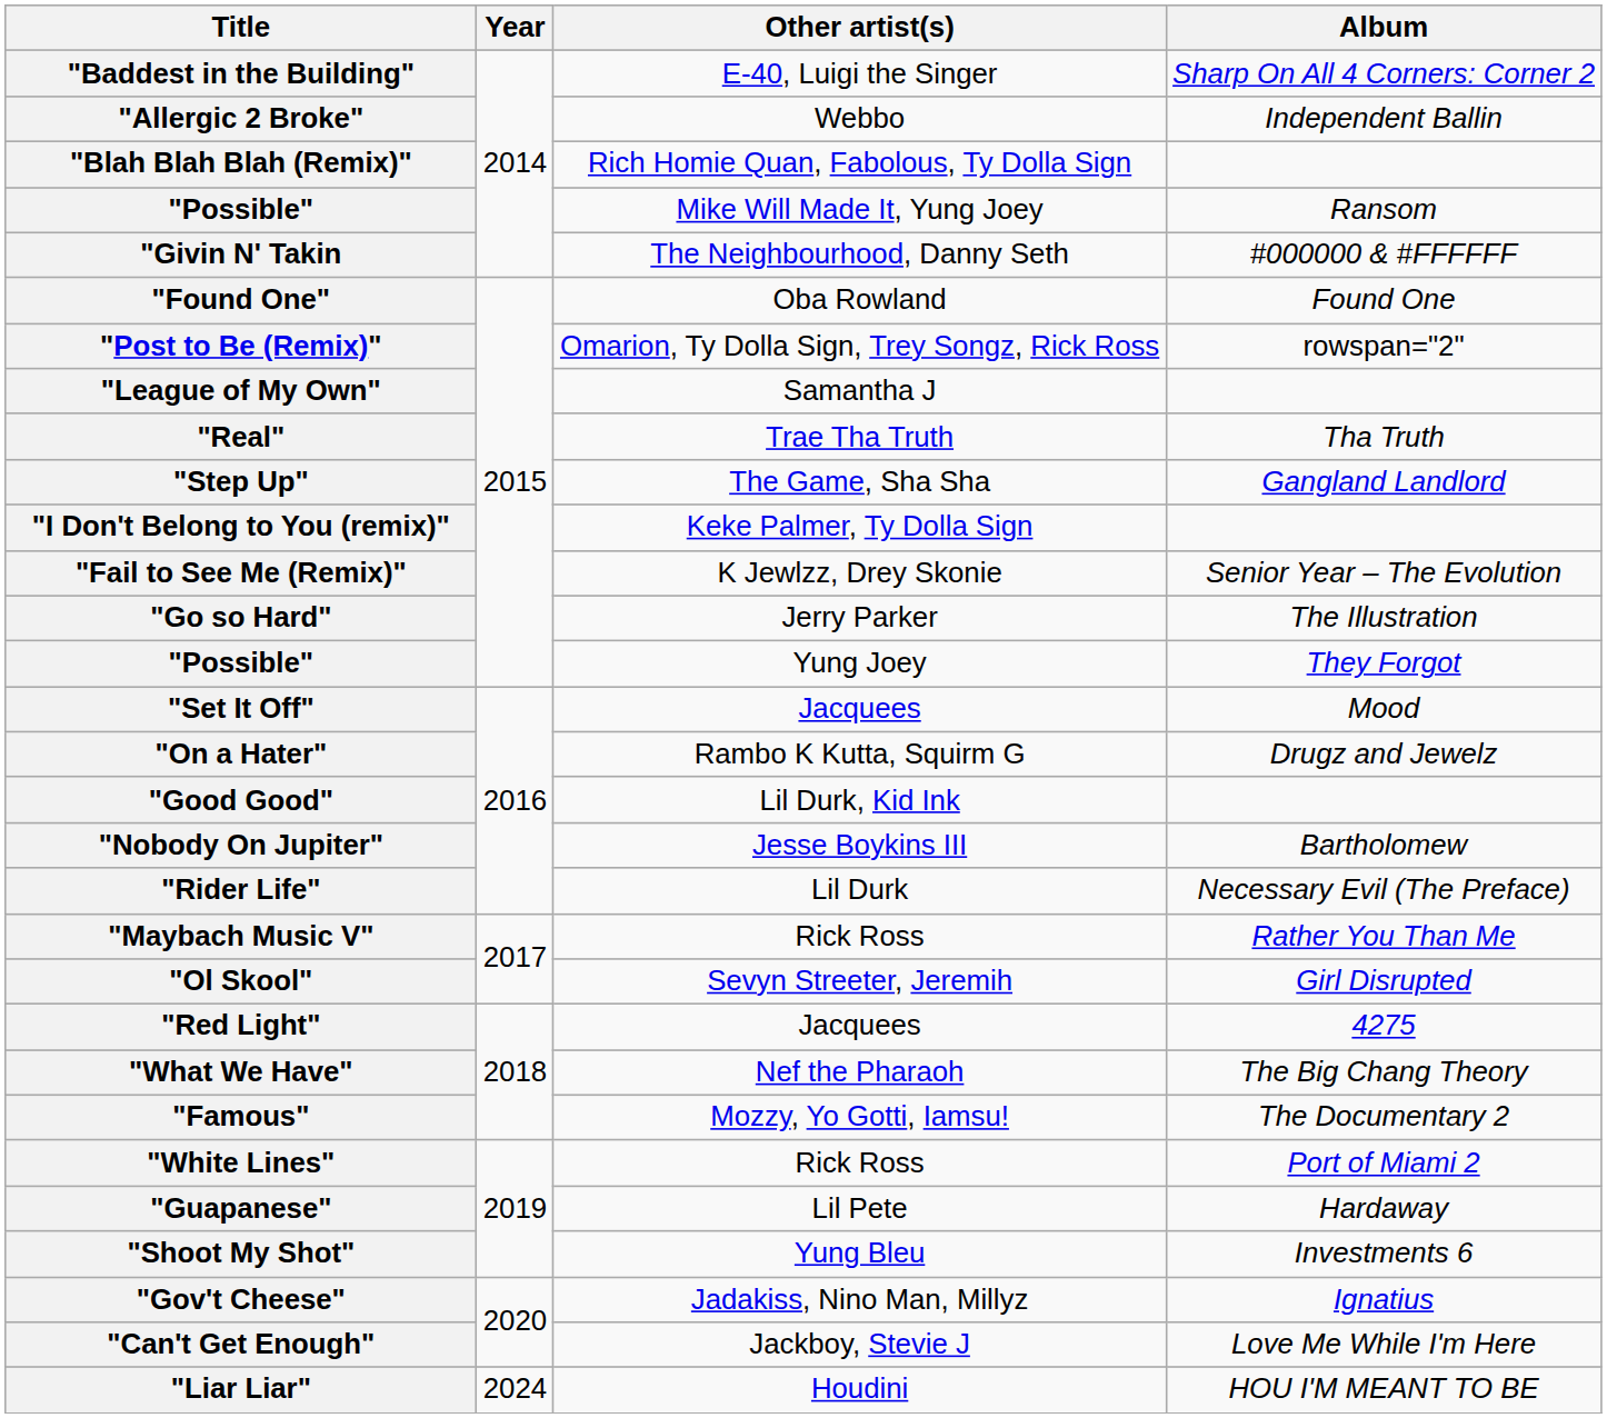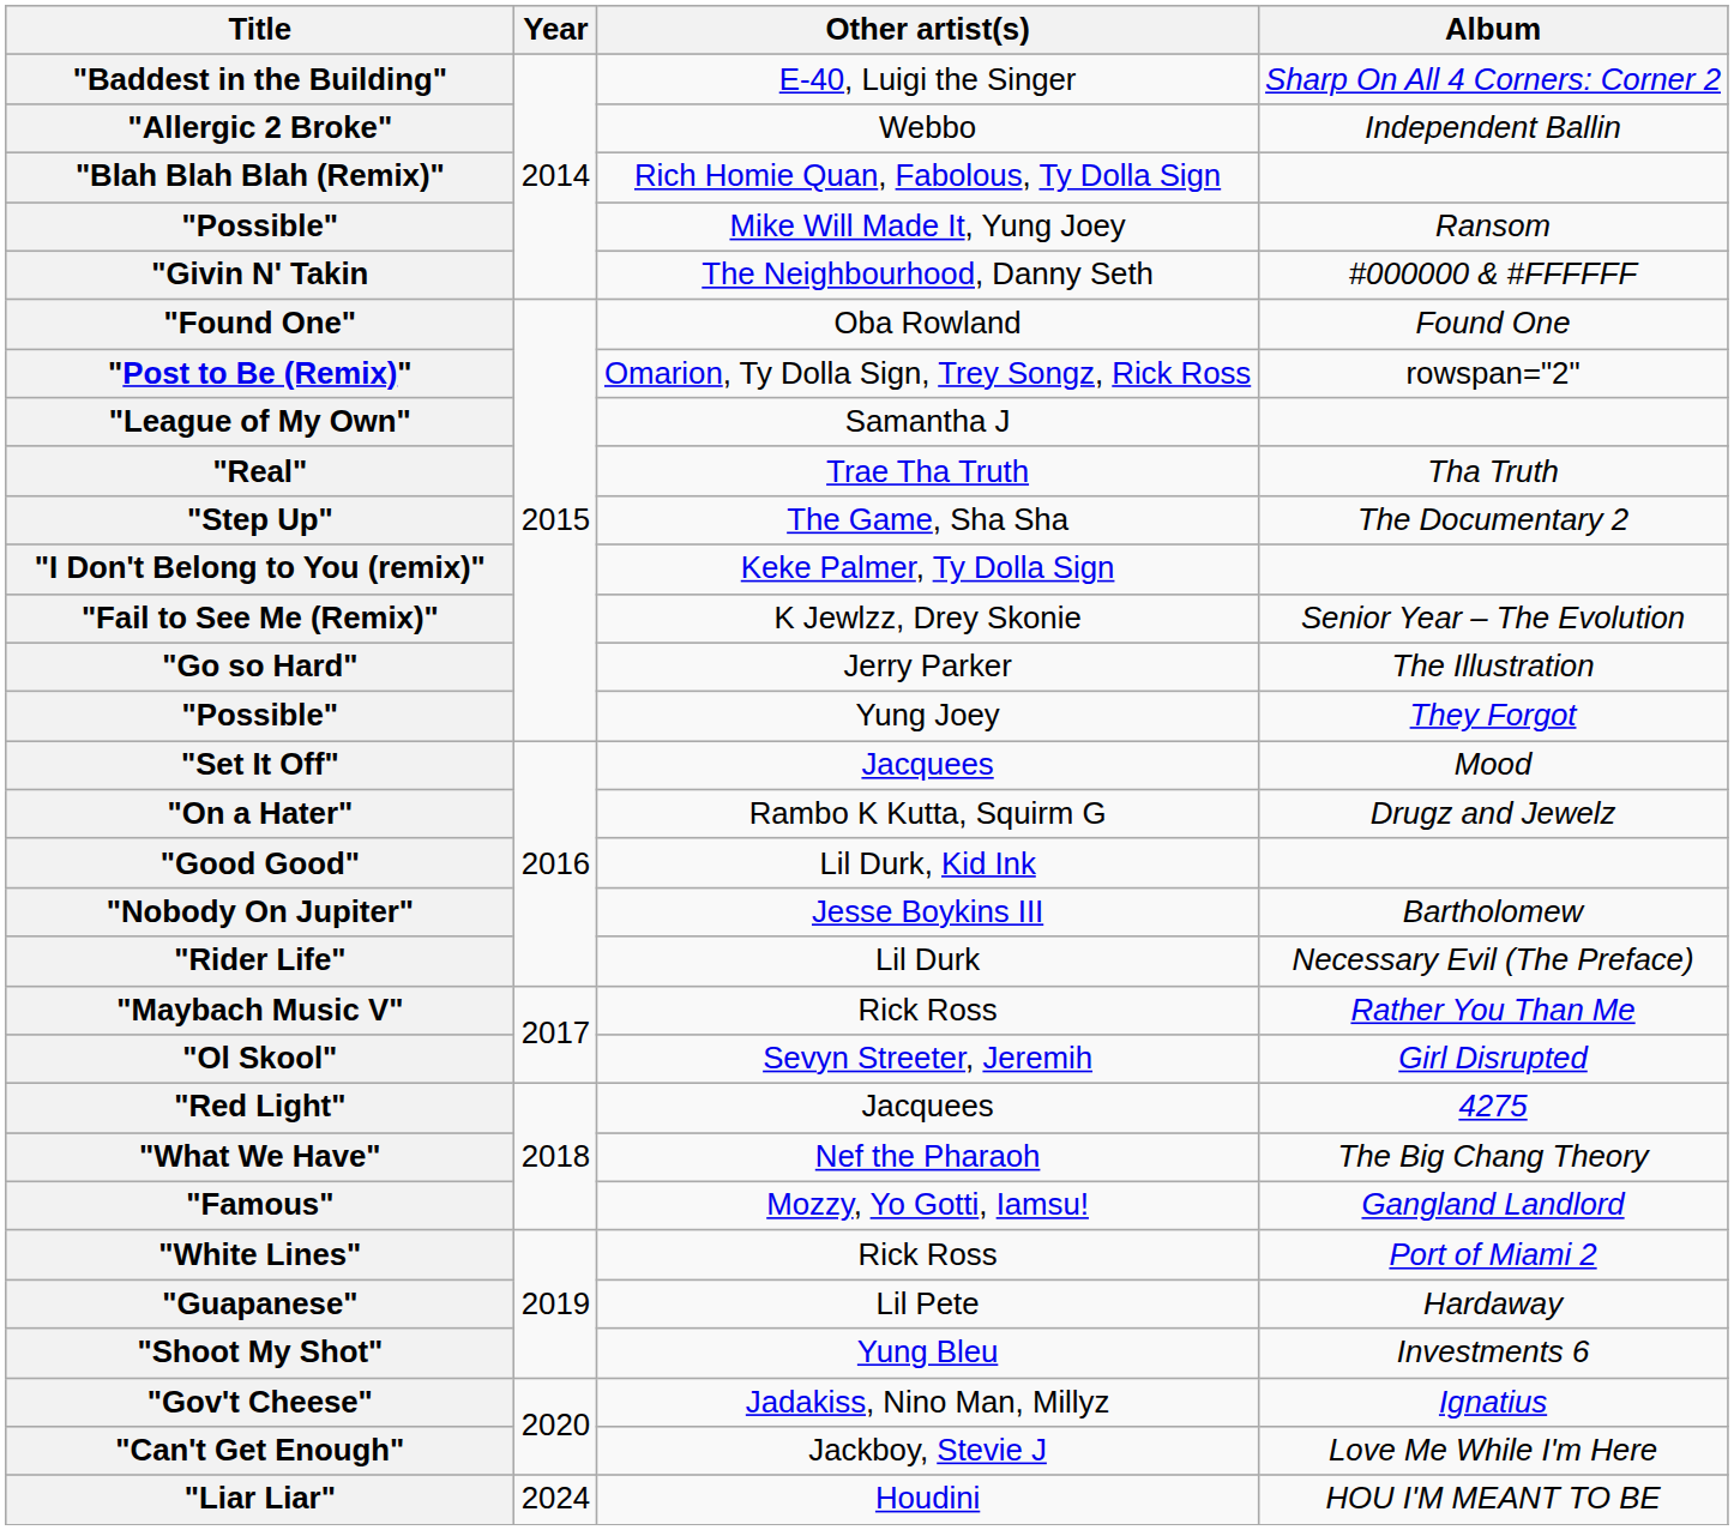 <table class="wikitable plainrowheaders" style="text-align:center;">
 <tr>
 <th scope="col" style="width:16em;">Title</th>
 <th scope="col">Year</th>
 <th scope="col">Other artist(s)</th>
 <th scope="col">Album</th>
 </tr>
 <tr>
 <th scope="row">"Baddest in the Building"</th>
 <td rowspan="5">2014</td>
 <td><a href='#'>E-40</a>, Luigi the Singer</td>
 <td><em><a href='#'>Sharp On All 4 Corners: Corner 2</a></em></td>
 </tr>
 <tr>
 <th scope="row">"Allergic 2 Broke"</th>
 <td>Webbo</td>
 <td><em>Independent Ballin</em></td>
 </tr>
 <tr>
 <th scope="row">"Blah Blah Blah (Remix)"</th>
 <td><a href='#'>Rich Homie Quan</a>, <a href='#'>Fabolous</a>, <a href='#'>Ty Dolla Sign</a></td>
 <td></td>
 </tr>
 <tr>
 <th scope="row">"Possible"</th>
 <td><a href='#'>Mike Will Made It</a>, Yung Joey</td>
 <td><em> Ransom</em></td>
 </tr>
 <tr>
 <th scope="row">"Givin N' Takin</th>
 <td><a href='#'>The Neighbourhood</a>, Danny Seth</td>
 <td><em>#000000 & #FFFFFF</em></td>
 </tr>
 <tr>
 <th scope="row">"Found One"</th>
 <td rowspan="9">2015</td>
 <td>Oba Rowland</td>
 <td><em>Found One</em></td>
 </tr>
 <tr>
 <th scope="row">"<a href='#'>Post to Be (Remix)</a>"</th>
 <td><a href='#'>Omarion</a>, Ty Dolla Sign, <a href='#'>Trey Songz</a>, <a href='#'>Rick Ross</a></td>
 <td>rowspan="2" </td>
 </tr>
 <tr>
 <th scope="row">"League of My Own"</th>
 <td>Samantha J</td>
 </tr>
 <tr>
 <th scope="row">"Real"</th>
 <td><a href='#'>Trae Tha Truth</a></td>
 <td><em>Tha Truth</em></td>
 </tr>
 <tr>
 <th scope="row">"Step Up"</th>
 <td><a href='#'>The Game</a>, Sha Sha</td>
-<td><em><a href='#'>Gangland Landlord</a></em></td>
+<td><em>The Documentary 2</em></td>
 </tr>
 <tr>
 <th scope="row">"I Don't Belong to You (remix)"</th>
 <td><a href='#'>Keke Palmer</a>, <a href='#'>Ty Dolla Sign</a></td>
 <td></td>
 </tr>
 <tr>
 <th scope="row">"Fail to See Me (Remix)"</th>
 <td>K Jewlzz, Drey Skonie</td>
 <td><em>Senior Year – The Evolution</em></td>
 </tr>
 <tr>
 <th scope="row">"Go so Hard"</th>
 <td>Jerry Parker</td>
 <td><em>The Illustration</em></td>
 </tr>
 <tr>
 <th scope="row">"Possible"</th>
 <td>Yung Joey</td>
 <td><em><a href='#'>They Forgot</a></em></td>
 </tr>
 <tr>
 <th scope="row">"Set It Off"</th>
 <td rowspan="5">2016</td>
 <td><a href='#'>Jacquees</a></td>
 <td><em>Mood</em></td>
 </tr>
 <tr>
 <th scope="row">"On a Hater"</th>
 <td>Rambo K Kutta, Squirm G</td>
 <td><em> Drugz and Jewelz</em></td>
 </tr>
 <tr>
 <th scope="row">"Good Good"</th>
 <td>Lil Durk, <a href='#'>Kid Ink</a></td>
 <td></td>
 </tr>
 <tr>
 <th scope="row">"Nobody On Jupiter"</th>
 <td><a href='#'>Jesse Boykins III</a></td>
 <td><em>Bartholomew</em></td>
 </tr>
 <tr>
 <th scope="row">"Rider Life"</th>
 <td>Lil Durk</td>
 <td><em>Necessary Evil (The Preface)</em></td>
 </tr>
 <tr>
 <th scope="row">"Maybach Music V"</th>
 <td rowspan="2">2017</td>
 <td>Rick Ross</td>
 <td><em><a href='#'>Rather You Than Me</a></em></td>
 </tr>
 <tr>
 <th scope="row">"Ol Skool"</th>
 <td><a href='#'>Sevyn Streeter</a>, <a href='#'>Jeremih</a></td>
 <td><em><a href='#'>Girl Disrupted</a></em></td>
 </tr>
 <tr>
 <th scope="row">"Red Light"</th>
 <td rowspan="3">2018</td>
 <td>Jacquees</td>
 <td><em><a href='#'>4275</a></em></td>
 </tr>
 <tr>
 <th scope="row">"What We Have"</th>
 <td><a href='#'>Nef the Pharaoh</a></td>
 <td><em>The Big Chang Theory</em></td>
 </tr>
 <tr>
 <th scope="row">"Famous"</th>
 <td><a href='#'>Mozzy</a>, <a href='#'>Yo Gotti</a>, <a href='#'>Iamsu!</a></td>
-<td><em>The Documentary 2</em></td>
+<td><em><a href='#'>Gangland Landlord</a></em></td>
 </tr>
 <tr>
 <th scope="row">"White Lines"</th>
 <td rowspan="3">2019</td>
 <td>Rick Ross</td>
 <td><em><a href='#'>Port of Miami 2</a></em></td>
 </tr>
 <tr>
 <th scope="row">"Guapanese"</th>
 <td>Lil Pete</td>
 <td><em>Hardaway</em></td>
 </tr>
 <tr>
 <th scope="row">"Shoot My Shot"</th>
 <td><a href='#'>Yung Bleu</a></td>
 <td><em>Investments 6</em></td>
 </tr>
 <tr>
 <th scope="row">"Gov't Cheese"</th>
 <td rowspan="2">2020</td>
 <td><a href='#'>Jadakiss</a>, Nino Man, Millyz</td>
 <td><em><a href='#'>Ignatius</a></em></td>
 </tr>
 <tr>
 <th scope="row">"Can't Get Enough"</th>
 <td>Jackboy, <a href='#'>Stevie J</a></td>
 <td><em>Love Me While I'm Here</em></td>
 </tr>
 <tr>
 <th scope="row">"Liar Liar"</th>
 <td rowspan="1">2024</td>
 <td><a href='#'>Houdini</a></td>
 <td><em>HOU I'M MEANT TO BE</em></td>
 </tr>
 <tr>
 </tr>
 </table>
